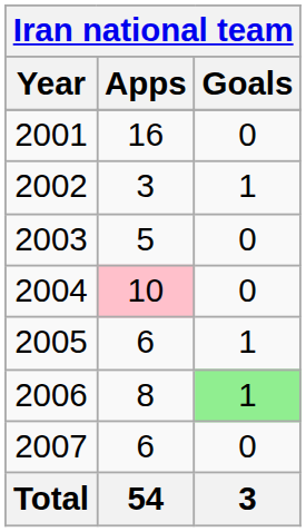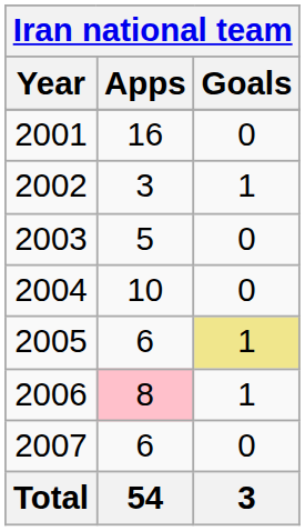 <table class="wikitable" style="text-align:center">
 <tr>
 <th colspan=3><a href='#'>Iran national team</a></th>
 </tr>
 <tr>
 <th>Year</th>
 <th>Apps</th>
 <th>Goals</th>
 </tr>
 <tr>
 </tr>
 <tr>
 <td>2001</td>
 <td>16</td>
 <td>0</td>
 </tr>
 <tr>
 <td>2002</td>
 <td>3</td>
 <td>1</td>
 </tr>
 <tr>
 <td>2003</td>
 <td>5</td>
 <td>0</td>
 </tr>
 <tr>
 <td>2004</td>
-<td style="background: pink;">10</td>
+<td>10</td>
 <td>0</td>
 </tr>
 <tr>
 <td>2005</td>
 <td>6</td>
-<td>1</td>
+<td style="background: khaki;">1</td>
 </tr>
 <tr>
 <td>2006</td>
-<td>8</td>
-<td style="background: lightgreen;">1</td>
+<td style="background: pink;">8</td>
+<td>1</td>
 </tr>
 <tr>
 <td>2007</td>
 <td>6</td>
 <td>0</td>
 </tr>
 <tr>
 <th>Total</th>
 <th>54</th>
 <th>3</th>
 </tr>
 </table>
